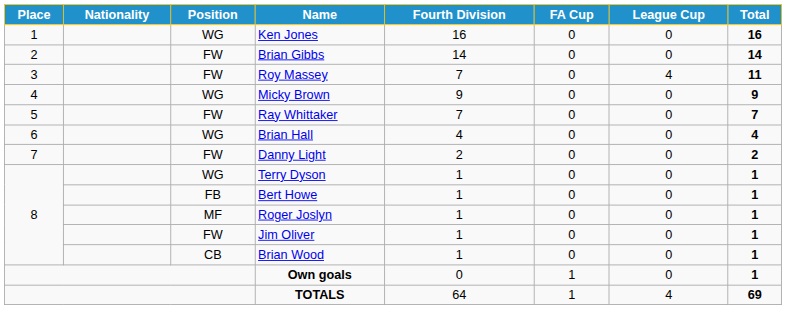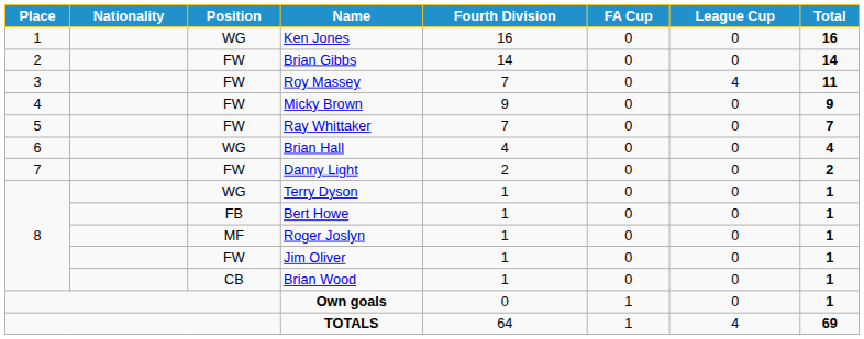 <table class="wikitable" style="text-align:center; font-size:90%; width:100%;">
 <tr>
 <th style="background:#2191CC; color:white; border:1px solid #F7C408; text-align:center;">Place</th>
 <th style="background:#2191CC; color:white; border:1px solid #F7C408; text-align:center;">Nationality</th>
 <th style="background:#2191CC; color:white; border:1px solid #F7C408; text-align:center;">Position</th>
 <th style="background:#2191CC; color:white; border:1px solid #F7C408; text-align:center;">Name</th>
 <th style="background:#2191CC; color:white; border:1px solid #F7C408; text-align:center;">Fourth Division</th>
 <th style="background:#2191CC; color:white; border:1px solid #F7C408; text-align:center;">FA Cup</th>
 <th style="background:#2191CC; color:white; border:1px solid #F7C408; text-align:center;">League Cup</th>
 <th style="background:#2191CC; color:white; border:1px solid #F7C408; text-align:center;">Total</th>
 </tr>
 <tr>
 <td>1</td>
 <td></td>
 <td>WG</td>
 <td align="left"><a href='#'>Ken Jones</a></td>
 <td>16</td>
 <td>0</td>
 <td>0</td>
 <td><strong>16</strong></td>
 </tr>
 <tr>
 <td>2</td>
 <td></td>
 <td>FW</td>
 <td align="left"><a href='#'>Brian Gibbs</a></td>
 <td>14</td>
 <td>0</td>
 <td>0</td>
 <td><strong>14</strong></td>
 </tr>
 <tr>
 <td>3</td>
 <td></td>
 <td>FW</td>
 <td align="left"><a href='#'>Roy Massey</a></td>
 <td>7</td>
 <td>0</td>
 <td>4</td>
 <td><strong>11</strong></td>
 </tr>
 <tr>
 <td>4</td>
 <td></td>
-<td>WG</td>
+<td>FW</td>
 <td align="left"><a href='#'>Micky Brown</a></td>
 <td>9</td>
 <td>0</td>
 <td>0</td>
 <td><strong>9</strong></td>
 </tr>
 <tr>
 <td>5</td>
 <td></td>
 <td>FW</td>
 <td align="left"><a href='#'>Ray Whittaker</a></td>
 <td>7</td>
 <td>0</td>
 <td>0</td>
 <td><strong>7</strong></td>
 </tr>
 <tr>
 <td>6</td>
 <td></td>
 <td>WG</td>
 <td align="left"><a href='#'>Brian Hall</a></td>
 <td>4</td>
 <td>0</td>
 <td>0</td>
 <td><strong>4</strong></td>
 </tr>
 <tr>
 <td>7</td>
 <td></td>
 <td>FW</td>
 <td align="left"><a href='#'>Danny Light</a></td>
 <td>2</td>
 <td>0</td>
 <td>0</td>
 <td><strong>2</strong></td>
 </tr>
 <tr>
 <td rowspan="5">8</td>
 <td></td>
 <td>WG</td>
 <td align="left"><a href='#'>Terry Dyson</a></td>
 <td>1</td>
 <td>0</td>
 <td>0</td>
 <td><strong>1</strong></td>
 </tr>
 <tr>
 <td></td>
 <td>FB</td>
 <td align="left"><a href='#'>Bert Howe</a></td>
 <td>1</td>
 <td>0</td>
 <td>0</td>
 <td><strong>1</strong></td>
 </tr>
 <tr>
 <td></td>
 <td>MF</td>
 <td align="left"><a href='#'>Roger Joslyn</a></td>
 <td>1</td>
 <td>0</td>
 <td>0</td>
 <td><strong>1</strong></td>
 </tr>
 <tr>
 <td></td>
 <td>FW</td>
 <td align="left"><a href='#'>Jim Oliver</a></td>
 <td>1</td>
 <td>0</td>
 <td>0</td>
 <td><strong>1</strong></td>
 </tr>
 <tr>
 <td></td>
 <td>CB</td>
 <td align="left"><a href='#'>Brian Wood</a></td>
 <td>1</td>
 <td>0</td>
 <td>0</td>
 <td><strong>1</strong></td>
 </tr>
 <tr>
 <td colspan="3"></td>
 <td><strong>Own goals</strong></td>
 <td>0</td>
 <td>1</td>
 <td>0</td>
 <td><strong>1</strong></td>
 </tr>
 <tr>
 <td colspan="3"></td>
 <td><strong>TOTALS</strong></td>
 <td>64</td>
 <td>1</td>
 <td>4</td>
 <td><strong>69</strong></td>
 </tr>
 </table>
